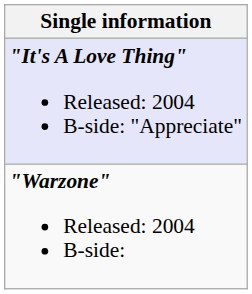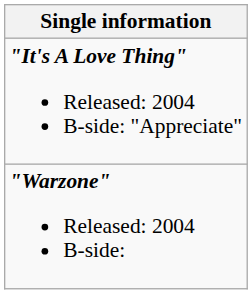 <table class="wikitable">
 <tr>
 <th>Single information</th>
 </tr>
 <tr>
-<td style="background: lavender;"><strong><em>"It's A Love Thing"</em></strong><br><ul><li>Released: 2004</li><li>B-side: "Appreciate"</li></ul></td>
+<td><strong><em>"It's A Love Thing"</em></strong><br><ul><li>Released: 2004</li><li>B-side: "Appreciate"</li></ul></td>
 </tr>
 <tr>
 <td><strong><em>"Warzone"</em></strong><br><ul><li>Released: 2004</li><li>B-side:</li></ul></td>
 </tr>
 </table>
